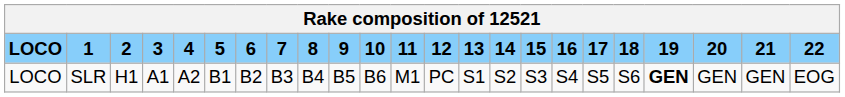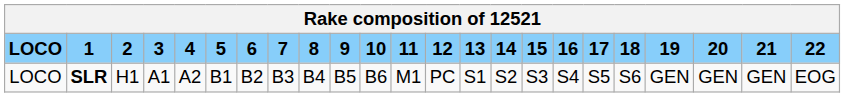 <table class="wikitable plainrowheaders unsortable" style="text-align:center">
 <tr>
 <th colspan="23">Rake composition of 12521</th>
 </tr>
 <tr>
 <th rowspan="1" scope="col" style="background:lightskyblue;">LOCO</th>
 <th rowspan="1" scope="col" style="background:lightskyblue;">1</th>
 <th rowspan="1" scope="col" style="background:lightskyblue;">2</th>
 <th rowspan="1" scope="col" style="background:lightskyblue;">3</th>
 <th rowspan="1" scope="col" style="background:lightskyblue;">4</th>
 <th rowspan="1" scope="col" style="background:lightskyblue;">5</th>
 <th rowspan="1" scope="col" style="background:lightskyblue;">6</th>
 <th rowspan="1" scope="col" style="background:lightskyblue;">7</th>
 <th rowspan="1" scope="col" style="background:lightskyblue;">8</th>
 <th rowspan="1" scope="col" style="background:lightskyblue;">9</th>
 <th rowspan="1" scope="col" style="background:lightskyblue;">10</th>
 <th rowspan="1" scope="col" style="background:lightskyblue;">11</th>
 <th rowspan="1" scope="col" style="background:lightskyblue;">12</th>
 <th rowspan="1" scope="col" style="background:lightskyblue;">13</th>
 <th rowspan="1" scope="col" style="background:lightskyblue;">14</th>
 <th rowspan="1" scope="col" style="background:lightskyblue;">15</th>
 <th rowspan="1" scope="col" style="background:lightskyblue;">16</th>
 <th rowspan="1" scope="col" style="background:lightskyblue;">17</th>
 <th rowspan="1" scope="col" style="background:lightskyblue;">18</th>
 <th rowspan="1" scope="col" style="background:lightskyblue;">19</th>
 <th rowspan="1" scope="col" style="background:lightskyblue;">20</th>
 <th rowspan="1" scope="col" style="background:lightskyblue;">21</th>
 <th rowspan="1" scope="col" style="background:lightskyblue;">22</th>
 </tr>
 <tr>
 <td>LOCO</td>
-<td>SLR</td>
+<td><strong>SLR</strong></td>
 <td>H1</td>
 <td>A1</td>
 <td>A2</td>
 <td>B1</td>
 <td>B2</td>
 <td>B3</td>
 <td>B4</td>
 <td>B5</td>
 <td>B6</td>
 <td>M1</td>
 <td>PC</td>
 <td>S1</td>
 <td>S2</td>
 <td>S3</td>
 <td>S4</td>
 <td>S5</td>
 <td>S6</td>
-<td><strong>GEN</strong></td>
+<td>GEN</td>
 <td>GEN</td>
 <td>GEN</td>
 <td>EOG</td>
 </tr>
 </table>
